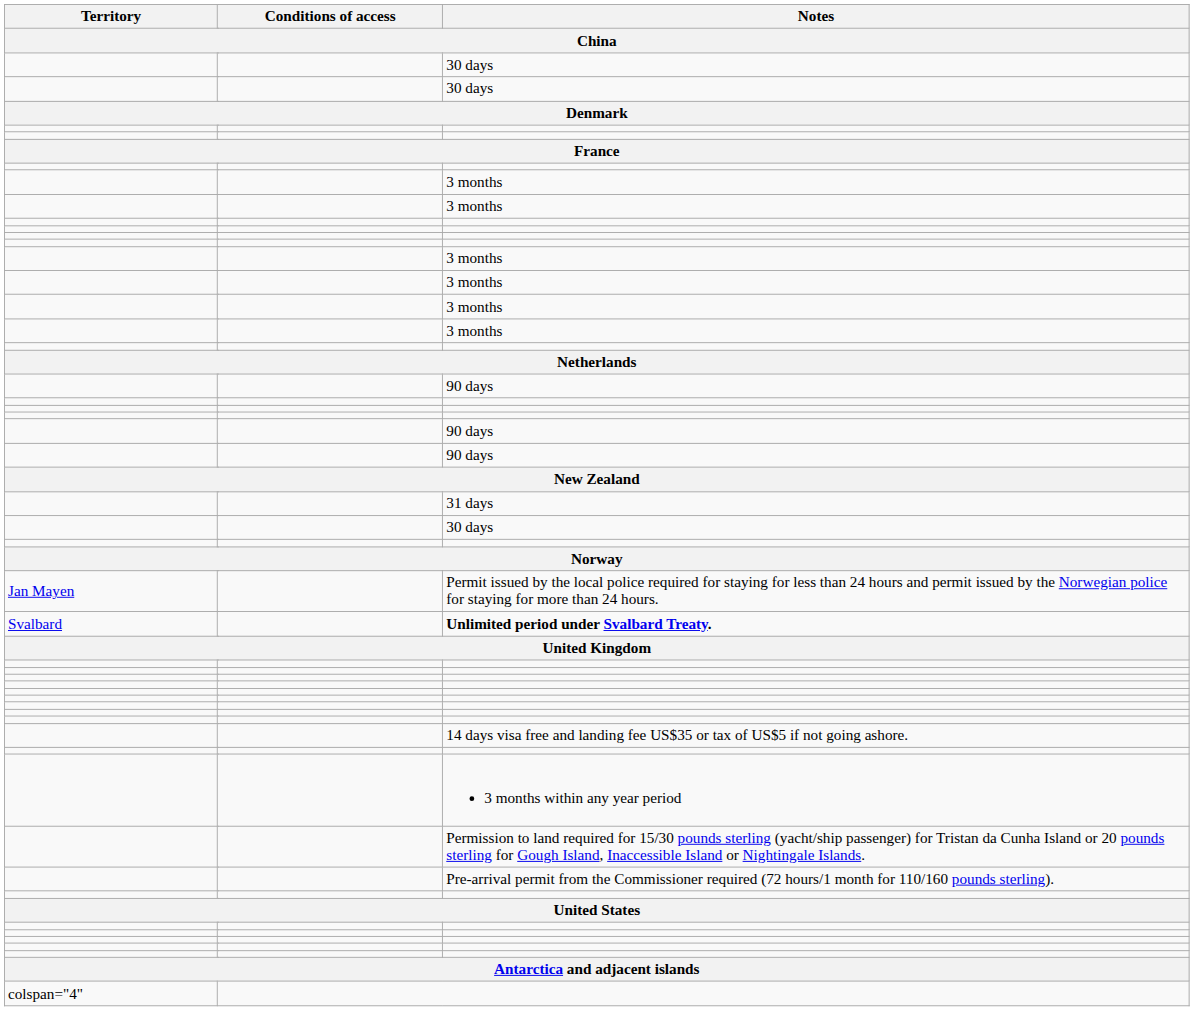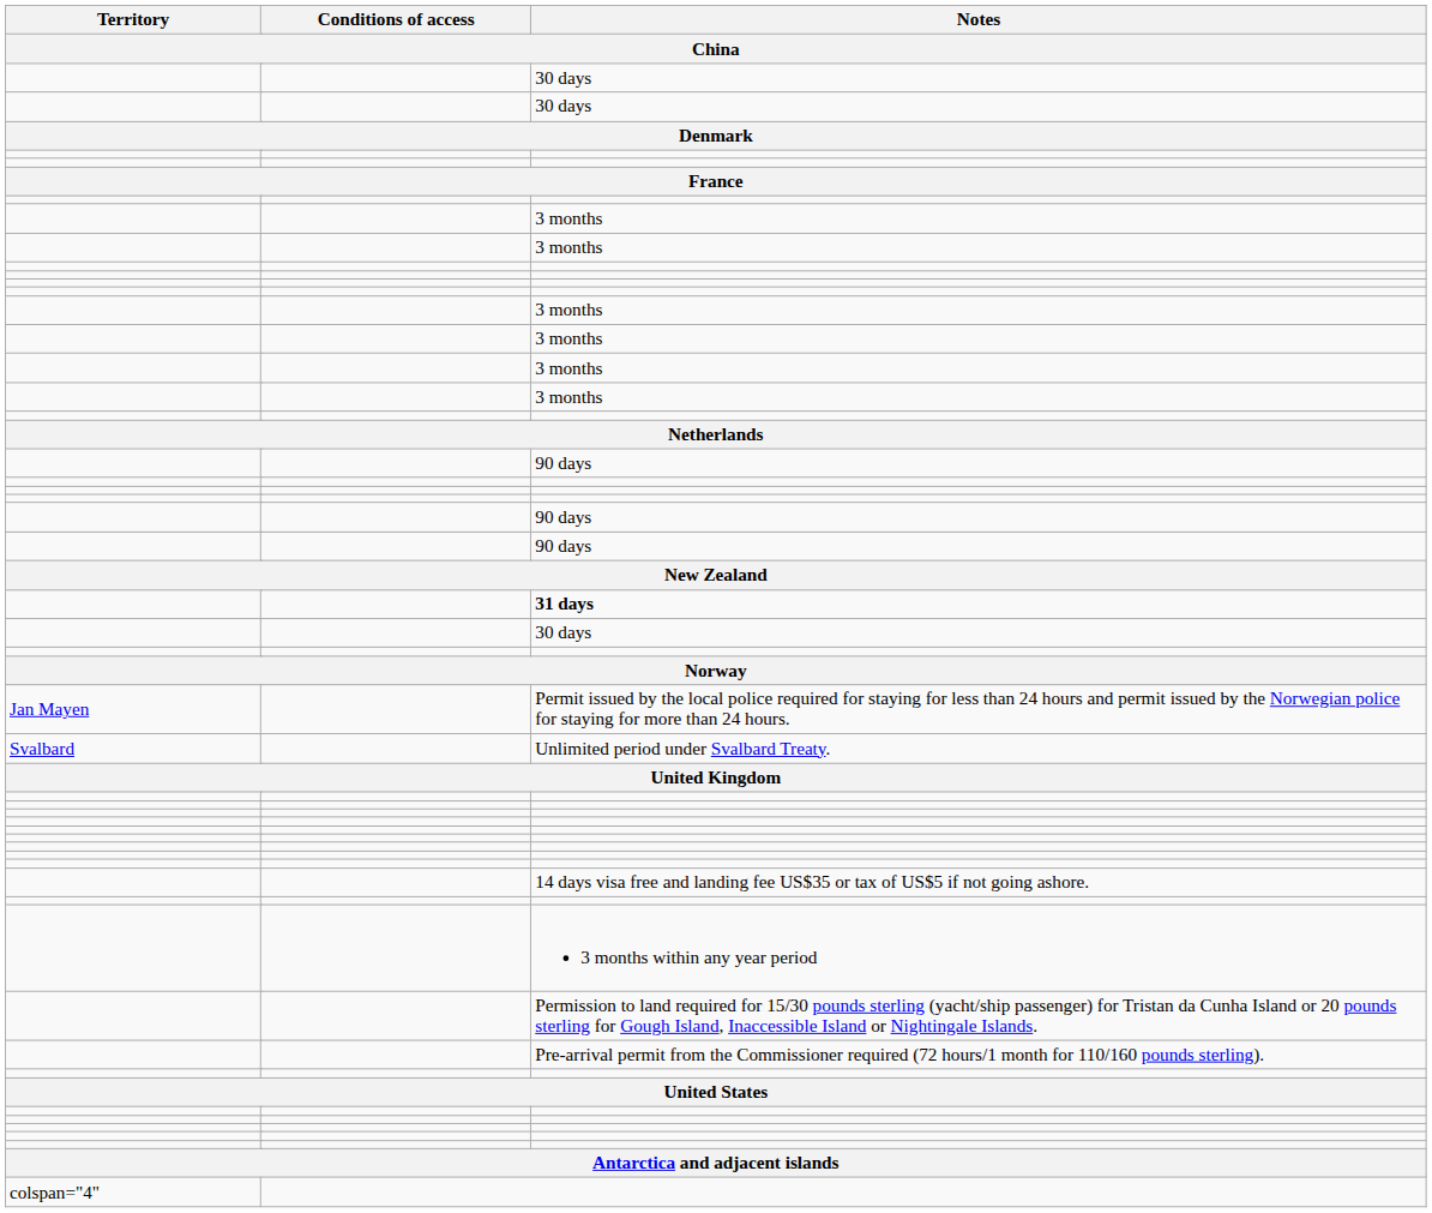 <table class="wikitable" style="text-align: left; table-layout: fixed;">
 <tr>
 <th colspan="2" style="width:18%;">Territory</th>
 <th style="width:19%;">Conditions of access</th>
 <th>Notes</th>
 </tr>
 <tr>
 <th colspan="4">China</th>
 </tr>
 <tr>
 <td colspan=2></td>
 <td></td>
 <td>30 days</td>
 </tr>
 <tr>
 <td colspan=2></td>
 <td></td>
 <td>30 days</td>
 </tr>
 <tr>
 <th colspan="4">Denmark</th>
 </tr>
 <tr>
 <td colspan=2></td>
 <td></td>
 <td></td>
 </tr>
 <tr>
 <td colspan=2></td>
 <td></td>
 <td></td>
 </tr>
 <tr>
 <th colspan="4">France</th>
 </tr>
 <tr>
 <td colspan=2></td>
 <td></td>
 <td></td>
 </tr>
 <tr>
 <td colspan=2></td>
 <td></td>
 <td>3 months</td>
 </tr>
 <tr>
 <td colspan=2></td>
 <td></td>
 <td>3 months</td>
 </tr>
 <tr>
 <td colspan=2></td>
 <td></td>
 <td></td>
 </tr>
 <tr>
 <td colspan=2></td>
 <td></td>
 <td></td>
 </tr>
 <tr>
 <td colspan=2></td>
 <td></td>
 <td></td>
 </tr>
 <tr>
 <td colspan=2></td>
 <td></td>
 <td></td>
 </tr>
 <tr>
 <td colspan=2></td>
 <td></td>
 <td>3 months</td>
 </tr>
 <tr>
 <td colspan=2></td>
 <td></td>
 <td>3 months</td>
 </tr>
 <tr>
 <td colspan=2></td>
 <td></td>
 <td>3 months</td>
 </tr>
 <tr>
 <td colspan=2></td>
 <td></td>
 <td>3 months</td>
 </tr>
 <tr>
 <td colspan=2></td>
 <td></td>
 <td></td>
 </tr>
 <tr>
 <th colspan="4">Netherlands</th>
 </tr>
 <tr>
 <td colspan=2></td>
 <td></td>
 <td>90 days</td>
 </tr>
 <tr>
 <td colspan=2></td>
 <td></td>
 <td></td>
 </tr>
 <tr>
 <td colspan=2></td>
 <td></td>
 <td></td>
 </tr>
 <tr>
 <td colspan=2></td>
 <td></td>
 <td></td>
 </tr>
 <tr>
 <td colspan=2></td>
 <td></td>
 <td>90 days</td>
 </tr>
 <tr>
 <td colspan=2></td>
 <td></td>
 <td>90 days</td>
 </tr>
 <tr>
 <th colspan="4">New Zealand</th>
 </tr>
 <tr>
 <td colspan=2></td>
 <td></td>
-<td>31 days</td>
+<td><strong>31 days</strong></td>
 </tr>
 <tr>
 <td colspan=2></td>
 <td></td>
 <td>30 days</td>
 </tr>
 <tr>
 <td colspan=2></td>
 <td></td>
 <td></td>
 </tr>
 <tr>
 <th colspan="4">Norway</th>
 </tr>
 <tr>
 <td colspan=2> <a href='#'>Jan Mayen</a></td>
 <td></td>
 <td>Permit issued by the local police required for staying for less than 24 hours and permit issued by the <a href='#'>Norwegian police</a> for staying for more than 24 hours.</td>
 </tr>
 <tr>
 <td colspan=2> <a href='#'>Svalbard</a></td>
 <td></td>
-<td><strong>Unlimited period under <a href='#'>Svalbard Treaty</a>.</strong></td>
+<td>Unlimited period under <a href='#'>Svalbard Treaty</a>.</td>
 </tr>
 <tr>
 <th colspan="4">United Kingdom</th>
 </tr>
 <tr>
 <td colspan=2></td>
 <td></td>
 <td></td>
 </tr>
 <tr>
 <td colspan=2></td>
 <td></td>
 <td></td>
 </tr>
 <tr>
 <td colspan=2></td>
 <td></td>
 <td></td>
 </tr>
 <tr>
 <td colspan=2></td>
 <td></td>
 <td></td>
 </tr>
 <tr>
 <td colspan=2></td>
 <td></td>
 <td></td>
 </tr>
 <tr>
 <td colspan=2></td>
 <td></td>
 <td></td>
 </tr>
 <tr>
 <td colspan=2></td>
 <td></td>
 <td></td>
 </tr>
 <tr>
 <td colspan=2></td>
 <td></td>
 <td></td>
 </tr>
 <tr>
 <td colspan=2></td>
 <td></td>
 <td></td>
 </tr>
 <tr>
 <td colspan=2></td>
 <td></td>
 <td>14 days visa free and landing fee US$35 or tax of US$5 if not going ashore.</td>
 </tr>
 <tr>
 <td colspan=2></td>
 <td></td>
 <td></td>
 </tr>
 <tr>
 <td colspan=2></td>
 <td></td>
 <td><br><ul><li>3 months within any year period</li></ul></td>
 </tr>
 <tr>
 <td colspan=2></td>
 <td></td>
 <td>Permission to land required for 15/30 <a href='#'>pounds sterling</a> (yacht/ship passenger) for Tristan da Cunha Island or 20 <a href='#'>pounds sterling</a> for <a href='#'>Gough Island</a>, <a href='#'>Inaccessible Island</a> or <a href='#'>Nightingale Islands</a>.</td>
 </tr>
 <tr>
 <td colspan=2></td>
 <td></td>
 <td>Pre-arrival permit from the Commissioner required (72 hours/1 month for 110/160 <a href='#'>pounds sterling</a>).</td>
 </tr>
 <tr>
 <td colspan=2></td>
 <td></td>
 <td></td>
 </tr>
 <tr>
 <th colspan="4">United States</th>
 </tr>
 <tr>
 <td colspan=2></td>
 <td></td>
 <td></td>
 </tr>
 <tr>
 <td colspan=2></td>
 <td></td>
 <td></td>
 </tr>
 <tr>
 <td colspan=2></td>
 <td></td>
 <td></td>
 </tr>
 <tr>
 <td colspan=2></td>
 <td></td>
 <td></td>
 </tr>
 <tr>
 <td colspan=2></td>
 <td></td>
 <td></td>
 </tr>
 <tr>
 <th colspan="4"><a href='#'>Antarctica</a> and adjacent islands</th>
 </tr>
 <tr>
 <td>colspan="4" </td>
 </tr>
 </table>
